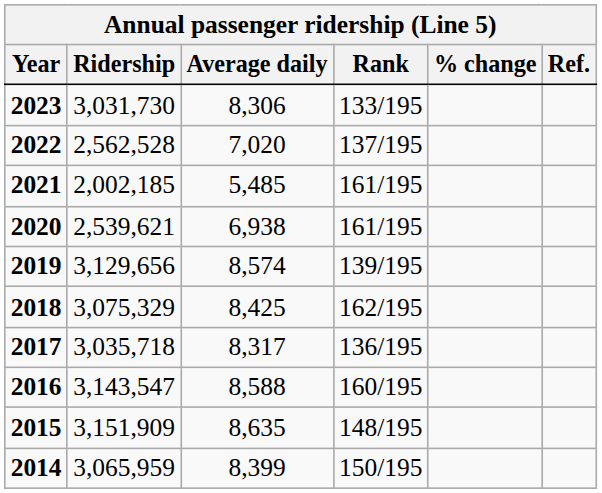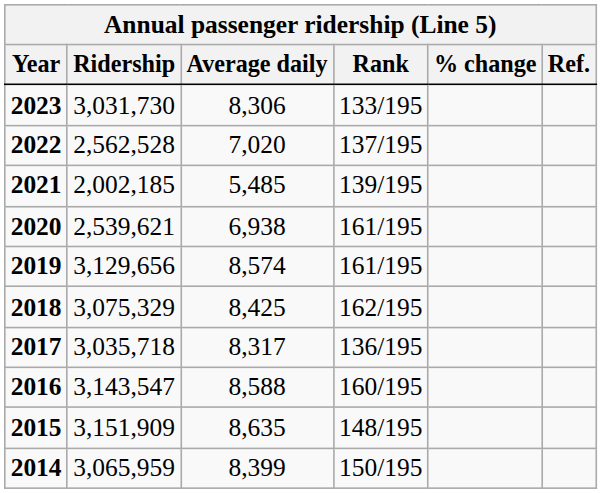 <table class="wikitable sortable" style="text-align:right;">
 <tr>
 <th colspan="6" style="background-color:#">Annual passenger ridership (Line 5)</th>
 </tr>
 <tr style="font-size:95%; text-align:center">
 <th style="border-bottom:1px solid black">Year</th>
 <th style="border-bottom:1px solid black">Ridership</th>
 <th style="border-bottom:1px solid black">Average daily</th>
 <th style="border-bottom:1px solid black">Rank</th>
 <th style="border-bottom:1px solid black">% change</th>
 <th style="border-bottom:1px solid black">Ref.</th>
 </tr>
 <tr style="text-align:center;">
 <td><strong>2023</strong></td>
 <td>3,031,730</td>
 <td>8,306</td>
 <td>133/195</td>
 <td></td>
 <td></td>
 </tr>
 <tr style="text-align:center;">
 <td><strong>2022</strong></td>
 <td>2,562,528</td>
 <td>7,020</td>
 <td>137/195</td>
 <td></td>
 <td></td>
 </tr>
 <tr style="text-align:center;">
 <td><strong>2021</strong></td>
 <td>2,002,185</td>
 <td>5,485</td>
-<td>161/195</td>
+<td>139/195</td>
 <td></td>
 <td></td>
 </tr>
 <tr style="text-align:center;">
 <td><strong>2020</strong></td>
 <td>2,539,621</td>
 <td>6,938</td>
 <td>161/195</td>
 <td></td>
 <td></td>
 </tr>
 <tr style="text-align:center;">
 <td><strong>2019</strong></td>
 <td>3,129,656</td>
 <td>8,574</td>
-<td>139/195</td>
+<td>161/195</td>
 <td></td>
 <td></td>
 </tr>
 <tr style="text-align:center;">
 <td><strong>2018</strong></td>
 <td>3,075,329</td>
 <td>8,425</td>
 <td>162/195</td>
 <td></td>
 <td></td>
 </tr>
 <tr style="text-align:center;">
 <td><strong>2017</strong></td>
 <td>3,035,718</td>
 <td>8,317</td>
 <td>136/195</td>
 <td></td>
 <td></td>
 </tr>
 <tr style="text-align:center;">
 <td><strong>2016</strong></td>
 <td>3,143,547</td>
 <td>8,588</td>
 <td>160/195</td>
 <td></td>
 <td></td>
 </tr>
 <tr style="text-align:center;">
 <td><strong>2015</strong></td>
 <td>3,151,909</td>
 <td>8,635</td>
 <td>148/195</td>
 <td></td>
 <td></td>
 </tr>
 <tr style="text-align:center;">
 <td><strong>2014</strong></td>
 <td>3,065,959</td>
 <td>8,399</td>
 <td>150/195</td>
 <td></td>
 <td></td>
 </tr>
 </table>
